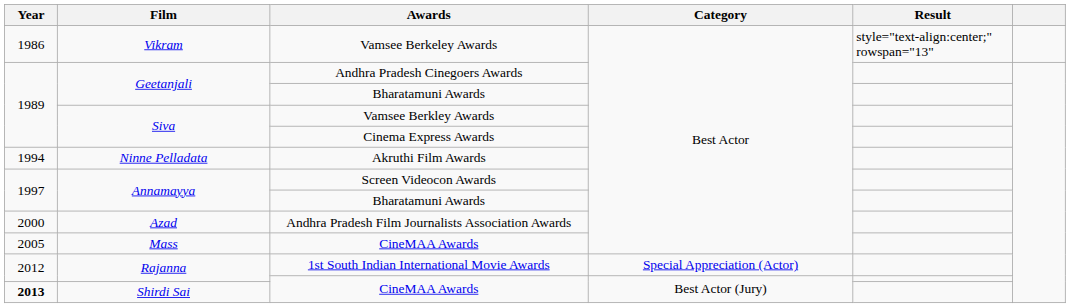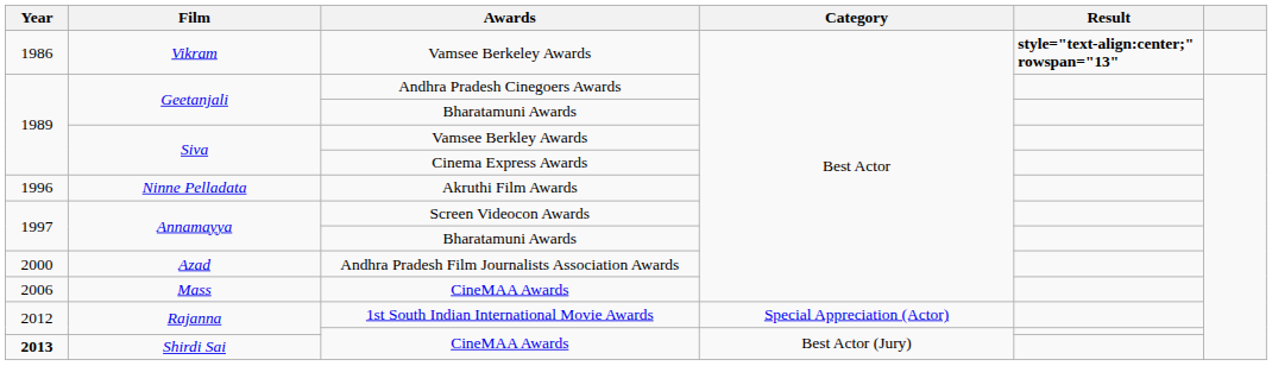 <table class="wikitable sortable" style="width:100%;">
 <tr>
 <th width="5%">Year</th>
 <th style="width:20%;">Film</th>
 <th style="width:30%;">Awards</th>
 <th style="width:25%;">Category</th>
 <th style="width:15%;">Result</th>
 <th style="width:5%;"></th>
 </tr>
 <tr>
 <td style="text-align:center;">1986</td>
 <td style="text-align:center;"><em><a href='#'>Vikram</a></em></td>
 <td style="text-align:center;">Vamsee Berkeley Awards</td>
 <td rowspan="10" style="text-align:center;">Best Actor</td>
-<td>style="text-align:center;" rowspan="13" </td>
+<td><strong>style="text-align:center;" rowspan="13" </strong></td>
 <td></td>
 </tr>
 <tr>
 <td rowspan="4" style="text-align:center;">1989</td>
 <td rowspan="2" style="text-align:center;"><em><a href='#'>Geetanjali</a></em></td>
 <td style="text-align:center;">Andhra Pradesh Cinegoers Awards</td>
 <td></td>
 </tr>
 <tr>
 <td style="text-align:center;">Bharatamuni Awards</td>
 <td></td>
 </tr>
 <tr>
 <td rowspan="2" style="text-align:center;"><em><a href='#'>Siva</a></em></td>
 <td style="text-align:center;">Vamsee Berkley Awards</td>
 <td></td>
 </tr>
 <tr>
 <td style="text-align:center;">Cinema Express Awards</td>
 <td></td>
 </tr>
 <tr>
-<td style="text-align:center;">1994</td>
+<td style="text-align:center;">1996</td>
 <td style="text-align:center;"><em><a href='#'>Ninne Pelladata</a></em></td>
 <td style="text-align:center;">Akruthi Film Awards</td>
 <td></td>
 </tr>
 <tr>
 <td rowspan="2" style="text-align:center;">1997</td>
 <td rowspan="2" style="text-align:center;"><em><a href='#'>Annamayya</a></em></td>
 <td style="text-align:center;">Screen Videocon Awards</td>
 <td></td>
 </tr>
 <tr>
 <td style="text-align:center;">Bharatamuni Awards</td>
 <td></td>
 </tr>
 <tr>
 <td style="text-align:center;">2000</td>
 <td style="text-align:center;"><em><a href='#'>Azad</a></em></td>
 <td style="text-align:center;">Andhra Pradesh Film Journalists Association Awards</td>
 <td></td>
 </tr>
 <tr>
-<td style="text-align:center;">2005</td>
+<td style="text-align:center;">2006</td>
 <td style="text-align:center;"><em><a href='#'>Mass</a></em></td>
 <td style="text-align:center;"><a href='#'>CineMAA Awards</a></td>
 <td></td>
 </tr>
 <tr>
 <td rowspan="2" style="text-align:center;">2012</td>
 <td rowspan="2" style="text-align:center;"><em><a href='#'>Rajanna</a></em></td>
 <td style="text-align:center;"><a href='#'>1st South Indian International Movie Awards</a></td>
 <td style="text-align:center;"><a href='#'>Special Appreciation (Actor)</a></td>
 <td></td>
 </tr>
 <tr>
 <td rowspan="2" style="text-align:center;"><a href='#'>CineMAA Awards</a></td>
 <td rowspan="2" style="text-align:center;">Best Actor (Jury)</td>
 <td></td>
 </tr>
 <tr>
 <td style="text-align:center;"><strong>2013</strong></td>
 <td style="text-align:center;"><em><a href='#'>Shirdi Sai</a></em></td>
 <td></td>
 </tr>
 </table>
